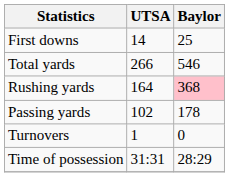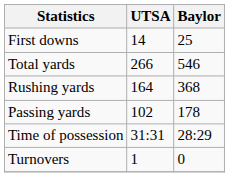 <table class="wikitable" style="float: right;">
 <tr>
 <th>Statistics</th>
 <th>UTSA</th>
 <th>Baylor</th>
 </tr>
 <tr>
 <td>First downs</td>
 <td>14</td>
 <td>25</td>
 </tr>
 <tr>
 <td>Total yards</td>
 <td>266</td>
 <td>546</td>
 </tr>
 <tr>
 <td>Rushing yards</td>
 <td>164</td>
-<td style="background: pink;">368</td>
+<td>368</td>
 </tr>
 <tr>
 <td>Passing yards</td>
 <td>102</td>
 <td>178</td>
 </tr>
 <tr>
+<td>Time of possession</td>
+<td>31:31</td>
+<td>28:29</td>
+</tr>
+<tr>
 <td>Turnovers</td>
 <td>1</td>
 <td>0</td>
 </tr>
 <tr>
-<td>Time of possession</td>
-<td>31:31</td>
-<td>28:29</td>
-</tr>
-<tr>
 </tr>
 </table>
